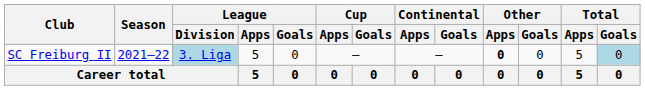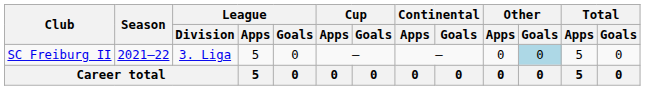 <table class="wikitable" style="text-align:center">
 <tr>
 <th rowspan="2">Club</th>
 <th rowspan="2">Season</th>
 <th colspan="3">League</th>
 <th colspan="2">Cup</th>
 <th colspan="2">Continental</th>
 <th colspan="2">Other</th>
 <th colspan="2">Total</th>
 </tr>
 <tr>
 <th>Division</th>
 <th>Apps</th>
 <th>Goals</th>
 <th>Apps</th>
 <th>Goals</th>
 <th>Apps</th>
 <th>Goals</th>
 <th>Apps</th>
 <th>Goals</th>
 <th>Apps</th>
 <th>Goals</th>
 </tr>
 <tr>
 <td><a href='#'>SC Freiburg II</a></td>
 <td><a href='#'>2021–22</a></td>
-<td style="background: lightblue;"><a href='#'>3. Liga</a></td>
+<td><a href='#'>3. Liga</a></td>
 <td>5</td>
 <td>0</td>
 <td colspan="2">–</td>
 <td colspan="2">–</td>
-<td><strong>0</strong></td>
 <td>0</td>
+<td style="background: lightblue;">0</td>
 <td>5</td>
-<td style="background: lightblue;">0</td>
+<td>0</td>
 </tr>
 <tr>
 <th colspan="3">Career total</th>
 <th>5</th>
 <th>0</th>
 <th>0</th>
 <th>0</th>
 <th>0</th>
 <th>0</th>
 <th>0</th>
 <th>0</th>
 <th>5</th>
 <th>0</th>
 </tr>
 </table>
